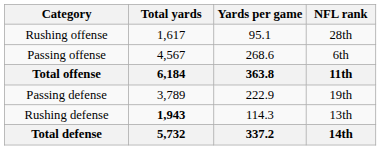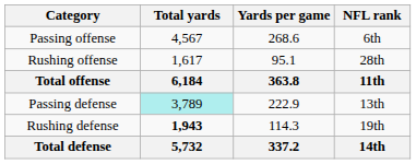 <table class="wikitable" style="text-align:center">
 <tr>
 <th width="150">Category</th>
 <th width="100">Total yards</th>
 <th width="110">Yards per game</th>
 <th width="80">NFL rank<br></th>
 </tr>
 <tr>
+<td>Passing offense</td>
+<td>4,567</td>
+<td>268.6</td>
+<td>6th</td>
+</tr>
+<tr>
 <td>Rushing offense</td>
 <td>1,617</td>
 <td>95.1</td>
 <td>28th</td>
-</tr>
-<tr>
-<td>Passing offense</td>
-<td>4,567</td>
-<td>268.6</td>
-<td>6th</td>
 </tr>
 <tr>
 <th>Total offense</th>
 <th>6,184</th>
 <th>363.8</th>
 <th>11th</th>
 </tr>
 <tr>
 <td>Passing defense</td>
-<td>3,789</td>
+<td style="background: paleturquoise;">3,789</td>
 <td>222.9</td>
-<td>19th</td>
+<td>13th</td>
 </tr>
 <tr>
 <td>Rushing defense</td>
 <td><strong>1,943</strong></td>
 <td>114.3</td>
-<td>13th</td>
+<td>19th</td>
 </tr>
 <tr>
 <th>Total defense</th>
 <th>5,732</th>
 <th>337.2</th>
 <th>14th</th>
 </tr>
 </table>
